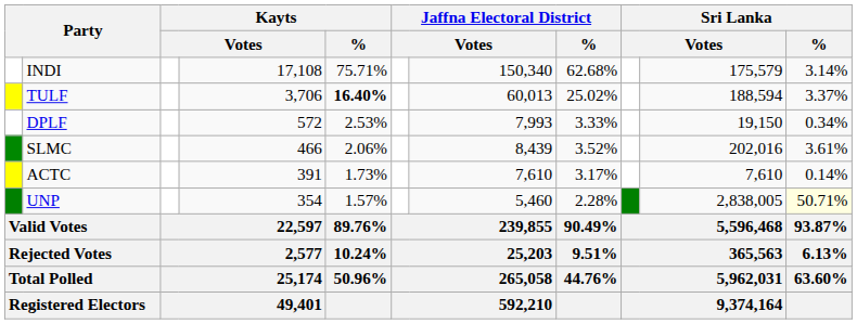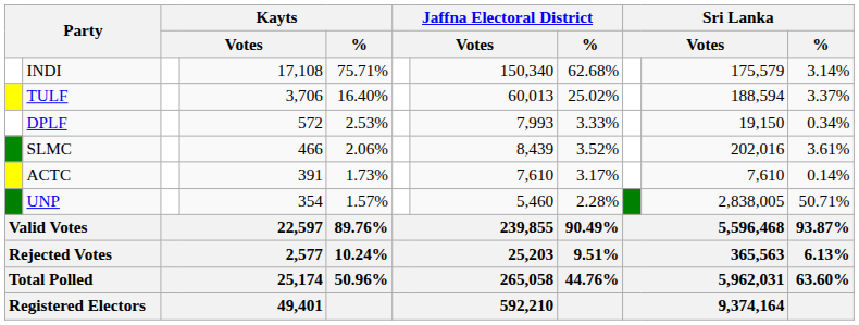 <table class="wikitable">
 <tr>
 <th colspan="2" width="144px"rowspan="2">Party</th>
 <th colspan="3" width="216px">Kayts</th>
 <th colspan="3" width="216px"><a href='#'>Jaffna Electoral District</a></th>
 <th colspan="3" width="216px">Sri Lanka</th>
 </tr>
 <tr>
 <th colspan="2" width="144px">Votes</th>
 <th>%</th>
 <th colspan="2" width="144px">Votes</th>
 <th>%</th>
 <th colspan="2" width="144px">Votes</th>
 <th>%</th>
 </tr>
 <tr>
 <td style="background-color:white;" width="10px"></td>
 <td style="text-align:left;">INDI</td>
 <td style="background-color:white;" width="10px"></td>
 <td style="text-align:right;">17,108</td>
 <td style="text-align:right;">75.71%</td>
 <td style="background-color:white;" width="10px"></td>
 <td style="text-align:right;">150,340</td>
 <td style="text-align:right;">62.68%</td>
 <td style="background-color:white;" width="10px"></td>
 <td style="text-align:right;">175,579</td>
 <td style="text-align:right;">3.14%</td>
 </tr>
 <tr>
 <td style="background-color:yellow;" width="10px"></td>
 <td style="text-align:left;"><a href='#'>TULF</a></td>
 <td style="background-color:white;" width="10px"></td>
 <td style="text-align:right;">3,706</td>
-<td style="text-align:right;"><strong>16.40%</strong></td>
+<td style="text-align:right;">16.40%</td>
 <td style="background-color:white;" width="10px"></td>
 <td style="text-align:right;">60,013</td>
 <td style="text-align:right;">25.02%</td>
 <td style="background-color:white;" width="10px"></td>
 <td style="text-align:right;">188,594</td>
 <td style="text-align:right;">3.37%</td>
 </tr>
 <tr>
 <td style="background-color:white;" width="10px"></td>
 <td style="text-align:left;"><a href='#'>DPLF</a></td>
 <td style="background-color:white;" width="10px"></td>
 <td style="text-align:right;">572</td>
 <td style="text-align:right;">2.53%</td>
 <td style="background-color:white;" width="10px"></td>
 <td style="text-align:right;">7,993</td>
 <td style="text-align:right;">3.33%</td>
 <td style="background-color:white;" width="10px"></td>
 <td style="text-align:right;">19,150</td>
 <td style="text-align:right;">0.34%</td>
 </tr>
 <tr>
 <td style="background-color:#008800;" width="10px"></td>
 <td style="text-align:left;">SLMC</td>
 <td style="background-color:white;" width="10px"></td>
 <td style="text-align:right;">466</td>
 <td style="text-align:right;">2.06%</td>
 <td style="background-color:white;" width="10px"></td>
 <td style="text-align:right;">8,439</td>
 <td style="text-align:right;">3.52%</td>
 <td style="background-color:white;" width="10px"></td>
 <td style="text-align:right;">202,016</td>
 <td style="text-align:right;">3.61%</td>
 </tr>
 <tr>
 <td style="background-color:yellow;" width="10px"></td>
 <td style="text-align:left;">ACTC</td>
 <td style="background-color:white;" width="10px"></td>
 <td style="text-align:right;">391</td>
 <td style="text-align:right;">1.73%</td>
 <td style="background-color:white;" width="10px"></td>
 <td style="text-align:right;">7,610</td>
 <td style="text-align:right;">3.17%</td>
 <td style="background-color:white;" width="10px"></td>
 <td style="text-align:right;">7,610</td>
 <td style="text-align:right;">0.14%</td>
 </tr>
 <tr>
 <td style="background-color:green;" width="10px"></td>
 <td style="text-align:left;"><a href='#'>UNP</a></td>
 <td style="background-color:white;" width="10px"></td>
 <td style="text-align:right;">354</td>
 <td style="text-align:right;">1.57%</td>
 <td style="background-color:white;" width="10px"></td>
 <td style="text-align:right;">5,460</td>
 <td style="text-align:right;">2.28%</td>
 <td style="background-color:green;" width="10px"></td>
 <td style="text-align:right;">2,838,005</td>
-<td style="background: lightyellow; text-align:right;">50.71%</td>
+<td style="text-align:right;">50.71%</td>
 </tr>
 <tr>
 <th colspan="2" width="144px"style="text-align:left;">Valid Votes</th>
 <th style="text-align:right;"colspan="2" width="144px">22,597</th>
 <th style="text-align:right;">89.76%</th>
 <th style="text-align:right;"colspan="2" width="144px">239,855</th>
 <th style="text-align:right;">90.49%</th>
 <th style="text-align:right;"colspan="2" width="144px">5,596,468</th>
 <th style="text-align:right;">93.87%</th>
 </tr>
 <tr>
 <th colspan="2" width="144px"style="text-align:left;">Rejected Votes</th>
 <th style="text-align:right;"colspan="2" width="144px">2,577</th>
 <th style="text-align:right;">10.24%</th>
 <th style="text-align:right;"colspan="2" width="144px">25,203</th>
 <th style="text-align:right;">9.51%</th>
 <th style="text-align:right;"colspan="2" width="144px">365,563</th>
 <th style="text-align:right;">6.13%</th>
 </tr>
 <tr>
 <th colspan="2" width="144px"style="text-align:left;">Total Polled</th>
 <th style="text-align:right;"colspan="2" width="144px">25,174</th>
 <th style="text-align:right;">50.96%</th>
 <th style="text-align:right;"colspan="2" width="144px">265,058</th>
 <th style="text-align:right;">44.76%</th>
 <th style="text-align:right;"colspan="2" width="144px">5,962,031</th>
 <th style="text-align:right;">63.60%</th>
 </tr>
 <tr>
 <th colspan="2" width="144px"style="text-align:left;">Registered Electors</th>
 <th style="text-align:right;"colspan="2" width="144px">49,401</th>
 <th></th>
 <th style="text-align:right;"colspan="2" width="144px">592,210</th>
 <th></th>
 <th style="text-align:right;"colspan="2" width="144px">9,374,164</th>
 <th></th>
 </tr>
 </table>
